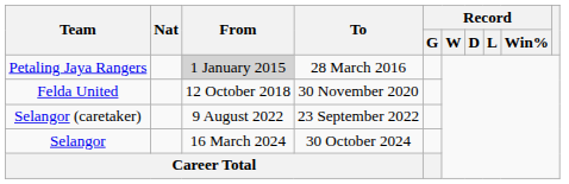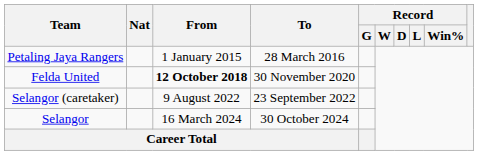 <table class="wikitable" style="text-align: center">
 <tr>
 <th rowspan=2>Team</th>
 <th rowspan=2>Nat</th>
 <th rowspan=2>From</th>
 <th rowspan=2>To</th>
 <th colspan=5>Record</th>
 <th rowspan="2"></th>
 </tr>
 <tr>
 <th>G</th>
 <th>W</th>
 <th>D</th>
 <th>L</th>
 <th>Win%</th>
 </tr>
 <tr>
 <td><a href='#'>Petaling Jaya Rangers</a></td>
 <td></td>
-<td style="background: lightgrey;">1 January 2015</td>
+<td>1 January 2015</td>
 <td>28 March 2016<br></td>
 <td></td>
 </tr>
 <tr>
 <td><a href='#'>Felda United</a></td>
 <td></td>
-<td>12 October 2018</td>
+<td><strong>12 October 2018</strong></td>
 <td>30 November 2020<br></td>
 <td></td>
 </tr>
 <tr>
 <td><a href='#'>Selangor</a> (caretaker)</td>
 <td></td>
 <td>9 August 2022</td>
 <td>23 September 2022<br></td>
 <td></td>
 </tr>
 <tr>
 <td><a href='#'>Selangor</a></td>
 <td></td>
 <td>16 March 2024</td>
 <td>30 October 2024<br></td>
 <td></td>
 </tr>
 <tr>
 <th colspan="4">Career Total<br></th>
 <th></th>
 </tr>
 </table>
